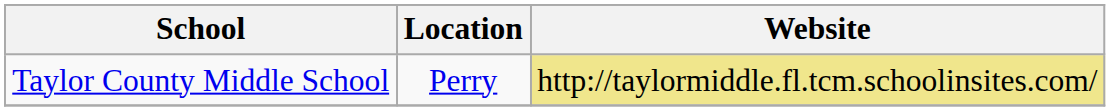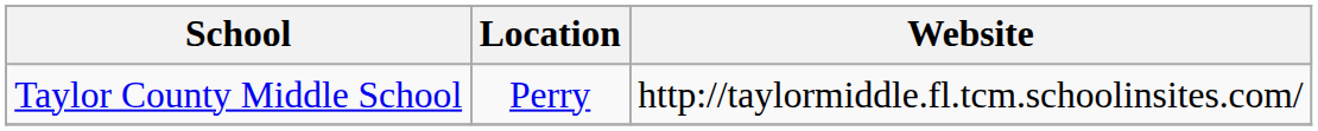 <table class="wikitable" style="text-align:center">
 <tr>
 <th>School</th>
 <th>Location</th>
 <th>Website</th>
 </tr>
 <tr>
 <td><a href='#'>Taylor County Middle School</a></td>
 <td><a href='#'>Perry</a></td>
-<td style="background: khaki;">http://taylormiddle.fl.tcm.schoolinsites.com/</td>
+<td>http://taylormiddle.fl.tcm.schoolinsites.com/</td>
 </tr>
 <tr>
 </tr>
 </table>
